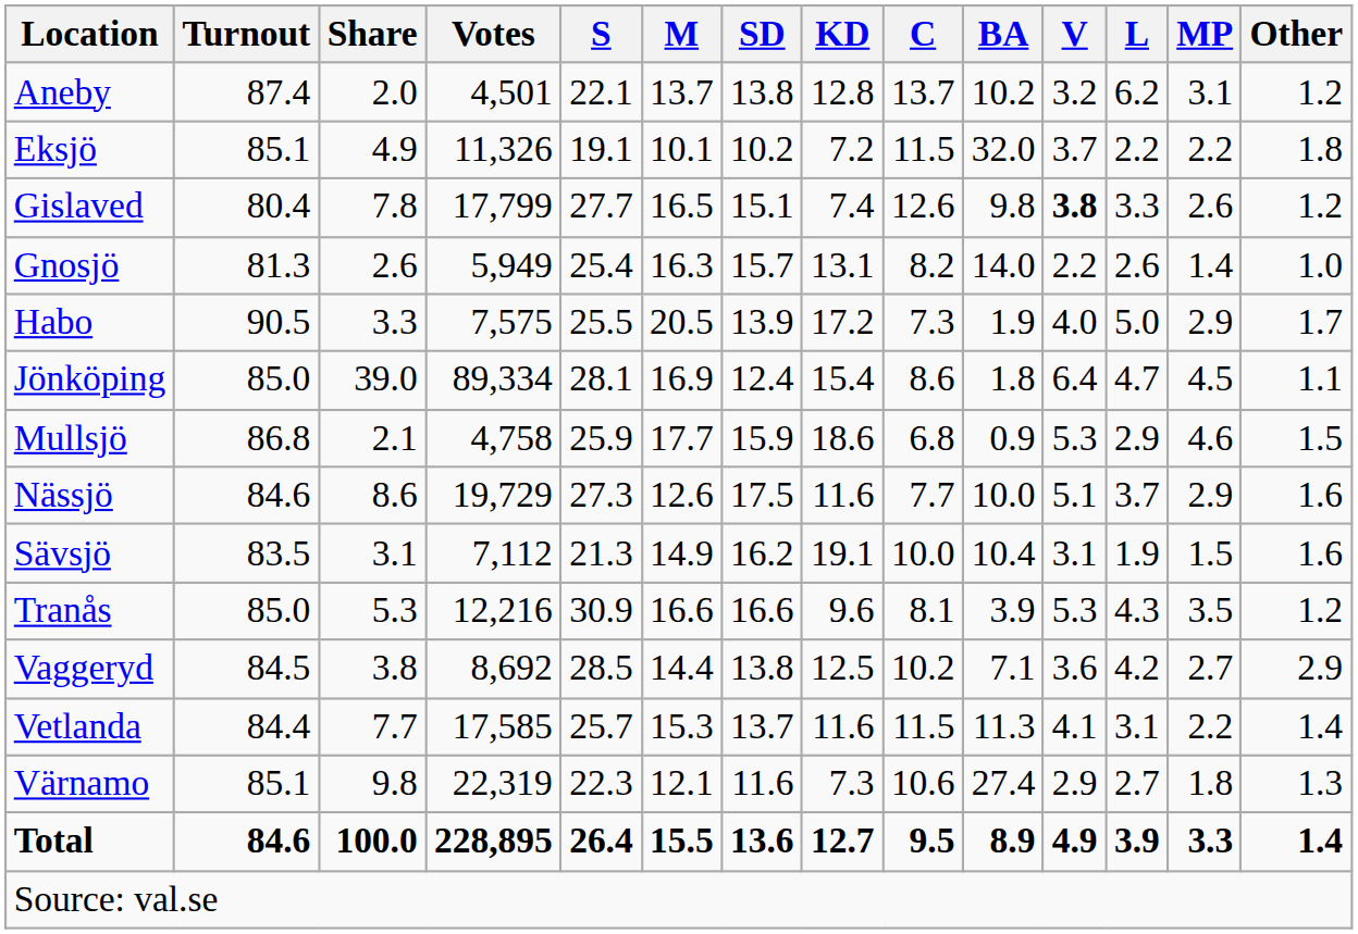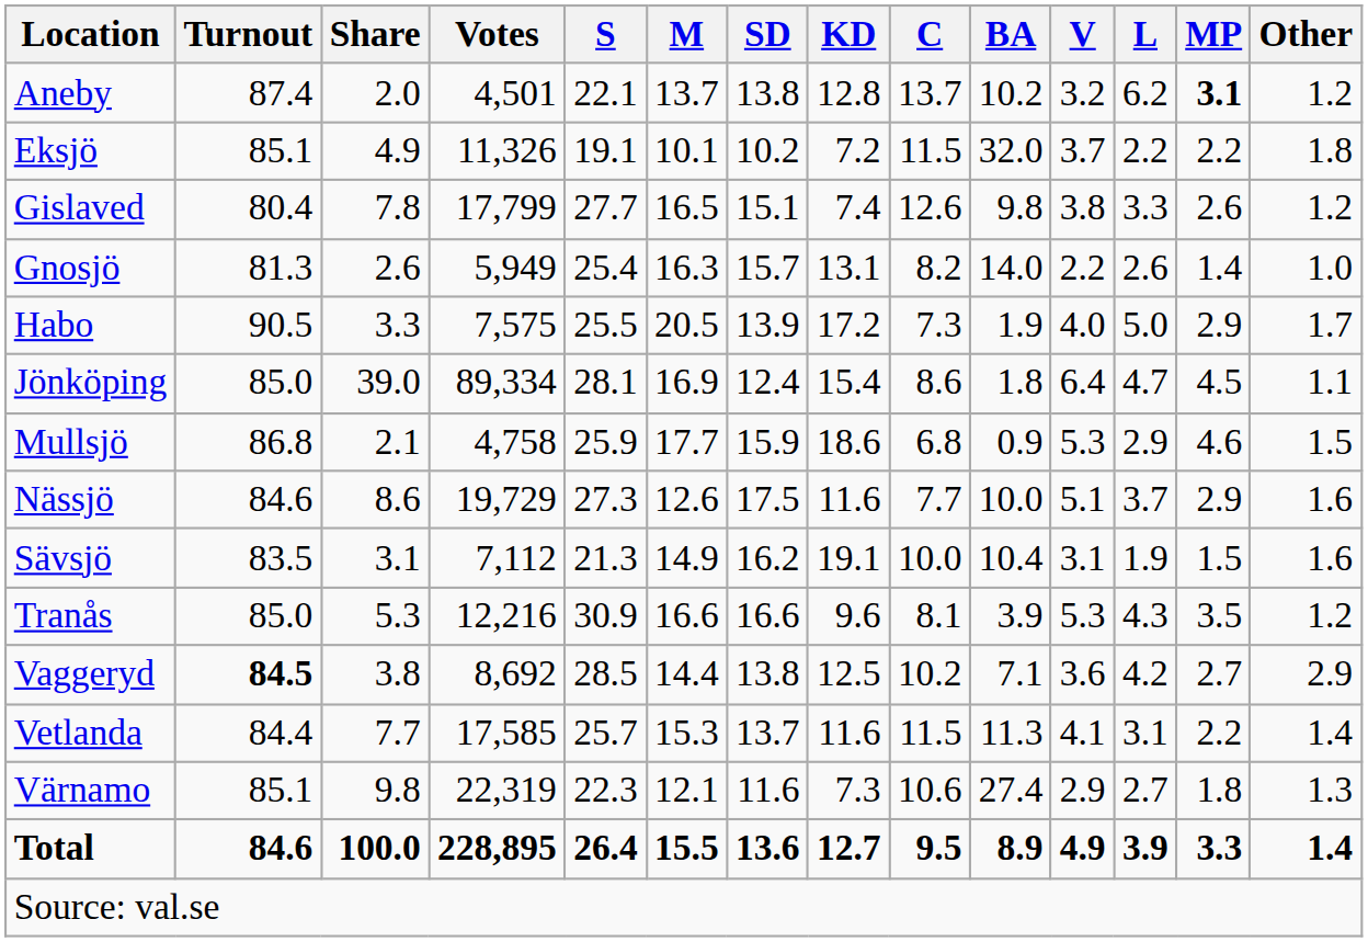 <table class="wikitable sortable" style=text-align:right>
 <tr>
 <th>Location</th>
 <th>Turnout</th>
 <th>Share</th>
 <th>Votes</th>
 <th><a href='#'>S</a></th>
 <th><a href='#'>M</a></th>
 <th><a href='#'>SD</a></th>
 <th><a href='#'>KD</a></th>
 <th><a href='#'>C</a></th>
 <th><a href='#'>BA</a></th>
 <th><a href='#'>V</a></th>
 <th><a href='#'>L</a></th>
 <th><a href='#'>MP</a></th>
 <th>Other</th>
 </tr>
 <tr>
 <td align=left><a href='#'>Aneby</a></td>
 <td>87.4</td>
 <td>2.0</td>
 <td>4,501</td>
 <td>22.1</td>
 <td>13.7</td>
 <td>13.8</td>
 <td>12.8</td>
 <td>13.7</td>
 <td>10.2</td>
 <td>3.2</td>
 <td>6.2</td>
-<td>3.1</td>
+<td><strong>3.1</strong></td>
 <td>1.2</td>
 </tr>
 <tr>
 <td align=left><a href='#'>Eksjö</a></td>
 <td>85.1</td>
 <td>4.9</td>
 <td>11,326</td>
 <td>19.1</td>
 <td>10.1</td>
 <td>10.2</td>
 <td>7.2</td>
 <td>11.5</td>
 <td>32.0</td>
 <td>3.7</td>
 <td>2.2</td>
 <td>2.2</td>
 <td>1.8</td>
 </tr>
 <tr>
 <td align=left><a href='#'>Gislaved</a></td>
 <td>80.4</td>
 <td>7.8</td>
 <td>17,799</td>
 <td>27.7</td>
 <td>16.5</td>
 <td>15.1</td>
 <td>7.4</td>
 <td>12.6</td>
 <td>9.8</td>
-<td><strong>3.8</strong></td>
+<td>3.8</td>
 <td>3.3</td>
 <td>2.6</td>
 <td>1.2</td>
 </tr>
 <tr>
 <td align=left><a href='#'>Gnosjö</a></td>
 <td>81.3</td>
 <td>2.6</td>
 <td>5,949</td>
 <td>25.4</td>
 <td>16.3</td>
 <td>15.7</td>
 <td>13.1</td>
 <td>8.2</td>
 <td>14.0</td>
 <td>2.2</td>
 <td>2.6</td>
 <td>1.4</td>
 <td>1.0</td>
 </tr>
 <tr>
 <td align=left><a href='#'>Habo</a></td>
 <td>90.5</td>
 <td>3.3</td>
 <td>7,575</td>
 <td>25.5</td>
 <td>20.5</td>
 <td>13.9</td>
 <td>17.2</td>
 <td>7.3</td>
 <td>1.9</td>
 <td>4.0</td>
 <td>5.0</td>
 <td>2.9</td>
 <td>1.7</td>
 </tr>
 <tr>
 <td align=left><a href='#'>Jönköping</a></td>
 <td>85.0</td>
 <td>39.0</td>
 <td>89,334</td>
 <td>28.1</td>
 <td>16.9</td>
 <td>12.4</td>
 <td>15.4</td>
 <td>8.6</td>
 <td>1.8</td>
 <td>6.4</td>
 <td>4.7</td>
 <td>4.5</td>
 <td>1.1</td>
 </tr>
 <tr>
 <td align=left><a href='#'>Mullsjö</a></td>
 <td>86.8</td>
 <td>2.1</td>
 <td>4,758</td>
 <td>25.9</td>
 <td>17.7</td>
 <td>15.9</td>
 <td>18.6</td>
 <td>6.8</td>
 <td>0.9</td>
 <td>5.3</td>
 <td>2.9</td>
 <td>4.6</td>
 <td>1.5</td>
 </tr>
 <tr>
 <td align=left><a href='#'>Nässjö</a></td>
 <td>84.6</td>
 <td>8.6</td>
 <td>19,729</td>
 <td>27.3</td>
 <td>12.6</td>
 <td>17.5</td>
 <td>11.6</td>
 <td>7.7</td>
 <td>10.0</td>
 <td>5.1</td>
 <td>3.7</td>
 <td>2.9</td>
 <td>1.6</td>
 </tr>
 <tr>
 <td align=left><a href='#'>Sävsjö</a></td>
 <td>83.5</td>
 <td>3.1</td>
 <td>7,112</td>
 <td>21.3</td>
 <td>14.9</td>
 <td>16.2</td>
 <td>19.1</td>
 <td>10.0</td>
 <td>10.4</td>
 <td>3.1</td>
 <td>1.9</td>
 <td>1.5</td>
 <td>1.6</td>
 </tr>
 <tr>
 <td align=left><a href='#'>Tranås</a></td>
 <td>85.0</td>
 <td>5.3</td>
 <td>12,216</td>
 <td>30.9</td>
 <td>16.6</td>
 <td>16.6</td>
 <td>9.6</td>
 <td>8.1</td>
 <td>3.9</td>
 <td>5.3</td>
 <td>4.3</td>
 <td>3.5</td>
 <td>1.2</td>
 </tr>
 <tr>
 <td align=left><a href='#'>Vaggeryd</a></td>
-<td>84.5</td>
+<td><strong>84.5</strong></td>
 <td>3.8</td>
 <td>8,692</td>
 <td>28.5</td>
 <td>14.4</td>
 <td>13.8</td>
 <td>12.5</td>
 <td>10.2</td>
 <td>7.1</td>
 <td>3.6</td>
 <td>4.2</td>
 <td>2.7</td>
 <td>2.9</td>
 </tr>
 <tr>
 <td align=left><a href='#'>Vetlanda</a></td>
 <td>84.4</td>
 <td>7.7</td>
 <td>17,585</td>
 <td>25.7</td>
 <td>15.3</td>
 <td>13.7</td>
 <td>11.6</td>
 <td>11.5</td>
 <td>11.3</td>
 <td>4.1</td>
 <td>3.1</td>
 <td>2.2</td>
 <td>1.4</td>
 </tr>
 <tr>
 <td align=left><a href='#'>Värnamo</a></td>
 <td>85.1</td>
 <td>9.8</td>
 <td>22,319</td>
 <td>22.3</td>
 <td>12.1</td>
 <td>11.6</td>
 <td>7.3</td>
 <td>10.6</td>
 <td>27.4</td>
 <td>2.9</td>
 <td>2.7</td>
 <td>1.8</td>
 <td>1.3</td>
 </tr>
 <tr>
 <td align=left><strong>Total</strong></td>
 <td><strong>84.6</strong></td>
 <td><strong>100.0</strong></td>
 <td><strong>228,895</strong></td>
 <td><strong>26.4</strong></td>
 <td><strong>15.5</strong></td>
 <td><strong>13.6</strong></td>
 <td><strong>12.7</strong></td>
 <td><strong>9.5</strong></td>
 <td><strong>8.9</strong></td>
 <td><strong>4.9</strong></td>
 <td><strong>3.9</strong></td>
 <td><strong>3.3</strong></td>
 <td><strong>1.4</strong></td>
 </tr>
 <tr>
 <td align=left colspan=14>Source: val.se </td>
 </tr>
 </table>
